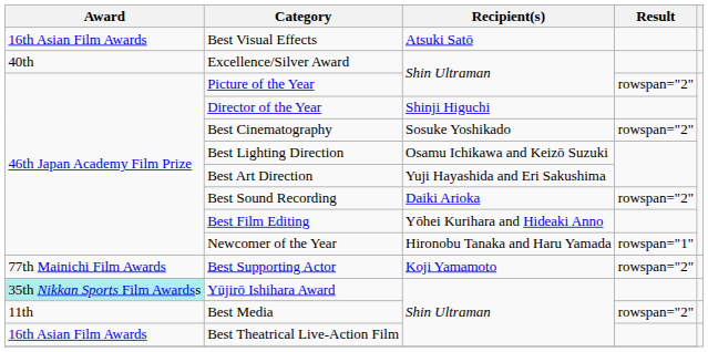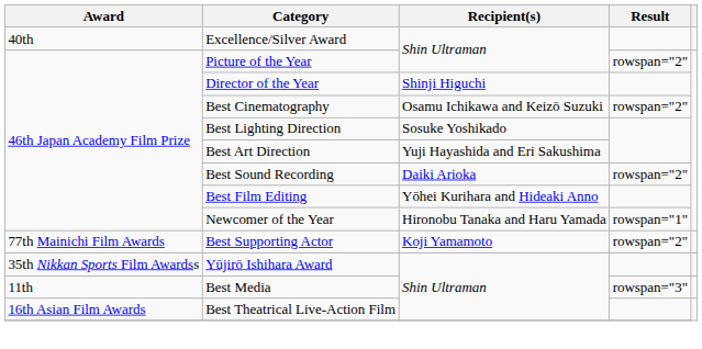 <table class="wikitable plainrowheaders sortable">
 <tr>
 <th scope="col">Award</th>
 <th scope="col">Category</th>
 <th scope="col">Recipient(s)</th>
 <th scope="col">Result</th>
 <th scope="col" class="unsortable"></th>
-</tr>
-<tr>
-<td><a href='#'>16th Asian Film Awards</a></td>
-<td>Best Visual Effects</td>
-<td><a href='#'>Atsuki Satō</a></td>
-<td></td>
-<td style="text-align:center;"></td>
 </tr>
 <tr>
 <td>40th </td>
 <td>Excellence/Silver Award</td>
 <td rowspan="2"><em>Shin Ultraman</em></td>
 <td></td>
 <td style="text-align:center;"></td>
 </tr>
 <tr>
 <td rowspan="8"><a href='#'>46th Japan Academy Film Prize</a></td>
 <td><a href='#'>Picture of the Year</a></td>
 <td>rowspan="2" </td>
 <td rowspan="8" style="text-align:center;"></td>
 </tr>
 <tr>
 <td><a href='#'>Director of the Year</a></td>
 <td><a href='#'>Shinji Higuchi</a></td>
 </tr>
 <tr>
 <td>Best Cinematography</td>
-<td>Sosuke Yoshikado</td>
+<td>Osamu Ichikawa and Keizō Suzuki</td>
 <td>rowspan="2" </td>
 </tr>
 <tr>
 <td>Best Lighting Direction</td>
-<td>Osamu Ichikawa and Keizō Suzuki</td>
+<td>Sosuke Yoshikado</td>
 </tr>
 <tr>
 <td>Best Art Direction</td>
 <td>Yuji Hayashida and Eri Sakushima</td>
 </tr>
 <tr>
 <td>Best Sound Recording</td>
 <td><a href='#'>Daiki Arioka</a></td>
 <td>rowspan="2" </td>
 </tr>
 <tr>
 <td><a href='#'>Best Film Editing</a></td>
 <td>Yōhei Kurihara and <a href='#'>Hideaki Anno</a></td>
 </tr>
 <tr>
 <td>Newcomer of the Year</td>
 <td>Hironobu Tanaka and Haru Yamada</td>
 <td>rowspan="1" </td>
 </tr>
 <tr>
 <td>77th <a href='#'>Mainichi Film Awards</a></td>
 <td><a href='#'>Best Supporting Actor</a></td>
 <td><a href='#'>Koji Yamamoto</a></td>
 <td>rowspan="2" </td>
 <td style="text-align:center;"></td>
 </tr>
 <tr>
-<td style="background: paleturquoise;">35th <a href='#'><em>Nikkan Sports</em> Film Awards</a>s</td>
+<td>35th <a href='#'><em>Nikkan Sports</em> Film Awards</a>s</td>
 <td><a href='#'>Yūjirō Ishihara Award</a></td>
 <td rowspan="3"><em>Shin Ultraman</em></td>
 <td style="text-align:center;"></td>
 </tr>
 <tr>
 <td>11th </td>
 <td>Best Media</td>
-<td>rowspan="2" </td>
+<td>rowspan="3" </td>
 <td style="text-align:center;"></td>
 </tr>
 <tr>
 <td><a href='#'>16th Asian Film Awards</a></td>
 <td>Best Theatrical Live-Action Film</td>
 <td style="text-align:center;"></td>
 </tr>
 <tr>
 </tr>
 </table>
